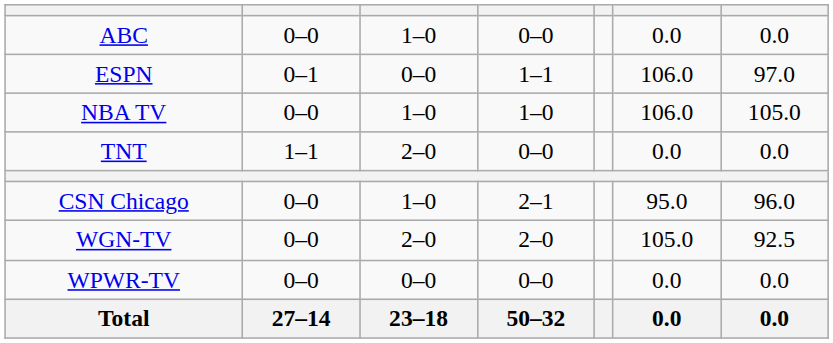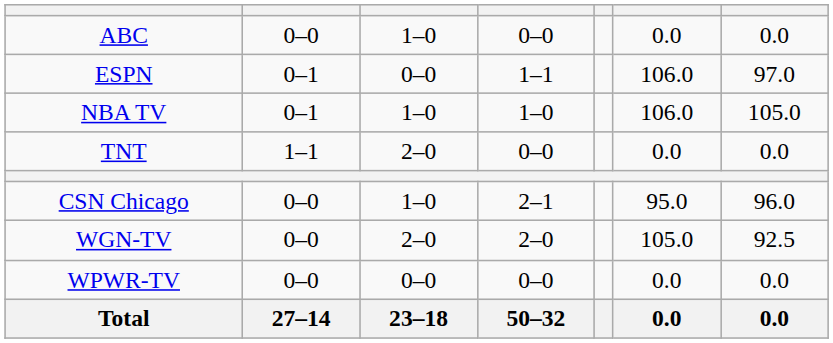 <table class="wikitable" style="margin:1em auto; font-size:95%; text-align:center; width:35em;">
 <tr>
 <th></th>
 <th></th>
 <th></th>
 <th></th>
 <th></th>
 <th></th>
 <th></th>
 </tr>
 <tr>
 <td><a href='#'>ABC</a></td>
 <td>0–0</td>
 <td>1–0</td>
 <td>0–0</td>
 <td></td>
 <td>0.0</td>
 <td>0.0</td>
 </tr>
 <tr>
 <td><a href='#'>ESPN</a></td>
 <td>0–1</td>
 <td>0–0</td>
 <td>1–1</td>
 <td></td>
 <td>106.0</td>
 <td>97.0</td>
 </tr>
 <tr>
 <td><a href='#'>NBA TV</a></td>
-<td>0–0</td>
+<td>0–1</td>
 <td>1–0</td>
 <td>1–0</td>
 <td></td>
 <td>106.0</td>
 <td>105.0</td>
 </tr>
 <tr>
 <td><a href='#'>TNT</a></td>
 <td>1–1</td>
 <td>2–0</td>
 <td>0–0</td>
 <td></td>
 <td>0.0</td>
 <td>0.0</td>
 </tr>
 <tr>
 <th colspan="7"></th>
 </tr>
 <tr>
 <td><a href='#'>CSN Chicago</a></td>
 <td>0–0</td>
 <td>1–0</td>
 <td>2–1</td>
 <td></td>
 <td>95.0</td>
 <td>96.0</td>
 </tr>
 <tr>
 <td><a href='#'>WGN-TV</a></td>
 <td>0–0</td>
 <td>2–0</td>
 <td>2–0</td>
 <td></td>
 <td>105.0</td>
 <td>92.5</td>
 </tr>
 <tr>
 <td><a href='#'>WPWR-TV</a></td>
 <td>0–0</td>
 <td>0–0</td>
 <td>0–0</td>
 <td></td>
 <td>0.0</td>
 <td>0.0</td>
 </tr>
 <tr>
 <th>Total</th>
 <th>27–14</th>
 <th>23–18</th>
 <th>50–32</th>
 <th></th>
 <th>0.0</th>
 <th>0.0</th>
 </tr>
 </table>
